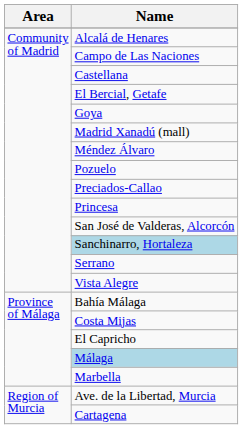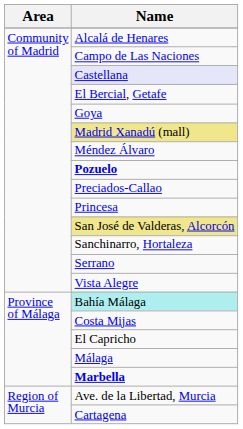 <table class = "wikitable">
 <tr>
 <th>Area</th>
 <th>Name</th>
 </tr>
 <tr>
 </tr>
 <tr style="vertical-align:top;line-height:1em;font-size:85%;">
 <td rowspan = 14><a href='#'>Community<br>of Madrid</a></td>
 <td><a href='#'>Alcalá de Henares</a></td>
 </tr>
 <tr style="vertical-align:top;line-height:1em;font-size:85%;">
 <td><a href='#'>Campo de Las Naciones</a></td>
 </tr>
 <tr style="vertical-align:top;line-height:1em;font-size:85%;">
-<td><a href='#'>Castellana</a></td>
+<td style="background: lavender;"><a href='#'>Castellana</a></td>
 </tr>
 <tr style="vertical-align:top;line-height:1em;font-size:85%;">
 <td><a href='#'>El Bercial</a>, <a href='#'>Getafe</a></td>
 </tr>
 <tr style="vertical-align:top;line-height:1em;font-size:85%;">
 <td><a href='#'>Goya</a></td>
 </tr>
 <tr style="vertical-align:top;line-height:1em;font-size:85%;">
-<td><a href='#'>Madrid Xanadú</a> (mall)</td>
+<td style="background: khaki;"><a href='#'>Madrid Xanadú</a> (mall)</td>
 </tr>
 <tr style="vertical-align:top;line-height:1em;font-size:85%;">
 <td><a href='#'>Méndez Álvaro</a></td>
 </tr>
 <tr style="vertical-align:top;line-height:1em;font-size:85%;">
-<td><a href='#'>Pozuelo</a></td>
+<td><strong><a href='#'>Pozuelo</a></strong></td>
 </tr>
 <tr style="vertical-align:top;line-height:1em;font-size:85%;">
 <td><a href='#'>Preciados-Callao</a></td>
 </tr>
 <tr style="vertical-align:top;line-height:1em;font-size:85%;">
 <td><a href='#'>Princesa</a></td>
 </tr>
 <tr style="vertical-align:top;line-height:1em;font-size:85%;">
-<td>San José de Valderas, <a href='#'>Alcorcón</a></td>
+<td style="background: khaki;">San José de Valderas, <a href='#'>Alcorcón</a></td>
 </tr>
 <tr style="vertical-align:top;line-height:1em;font-size:85%;">
-<td style="background: lightblue;">Sanchinarro, <a href='#'>Hortaleza</a></td>
+<td>Sanchinarro, <a href='#'>Hortaleza</a></td>
 </tr>
 <tr style="vertical-align:top;line-height:1em;font-size:85%;">
 <td><a href='#'>Serrano</a></td>
 </tr>
 <tr style="vertical-align:top;line-height:1em;font-size:85%;">
 <td><a href='#'>Vista Alegre</a></td>
 </tr>
 <tr style="vertical-align:top;line-height:1em;font-size:85%;">
 <td rowspan=5><a href='#'>Province<br>of Málaga</a></td>
-<td>Bahía Málaga</td>
+<td style="background: paleturquoise;">Bahía Málaga</td>
 </tr>
 <tr style="vertical-align:top;line-height:1em;font-size:85%;">
 <td><a href='#'>Costa Mijas</a></td>
 </tr>
 <tr style="vertical-align:top;line-height:1em;font-size:85%;">
 <td>El Capricho</td>
 </tr>
 <tr style="vertical-align:top;line-height:1em;font-size:85%;">
-<td style="background: lightblue;"><a href='#'>Málaga</a></td>
+<td><a href='#'>Málaga</a></td>
 </tr>
 <tr style="vertical-align:top;line-height:1em;font-size:85%;">
-<td><a href='#'>Marbella</a></td>
+<td><strong><a href='#'>Marbella</a></strong></td>
 </tr>
 <tr style="vertical-align:top;line-height:1em;font-size:85%;">
 <td rowspan = 2><a href='#'>Region of<br>Murcia</a></td>
 <td>Ave. de la Libertad, <a href='#'>Murcia</a></td>
 </tr>
 <tr style="vertical-align:top;line-height:1em;font-size:85%;">
 <td><a href='#'>Cartagena</a></td>
 </tr>
 </table>
